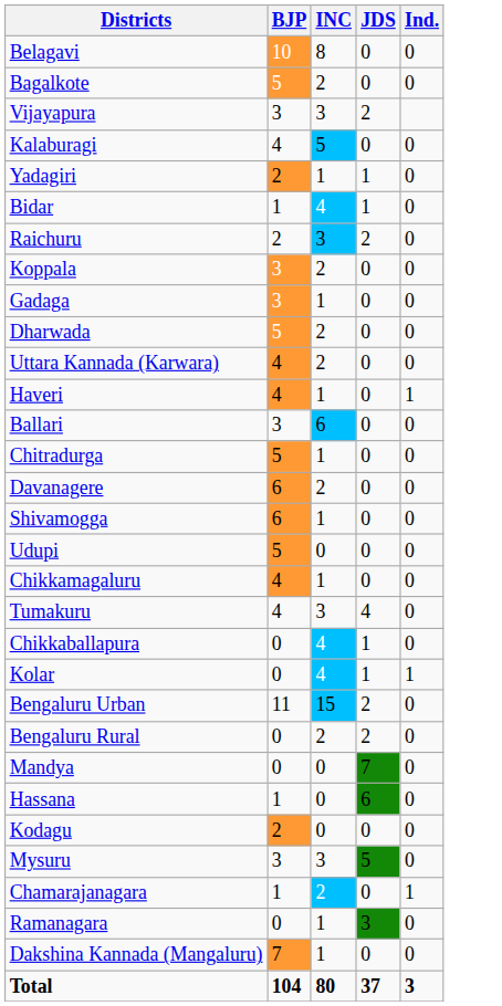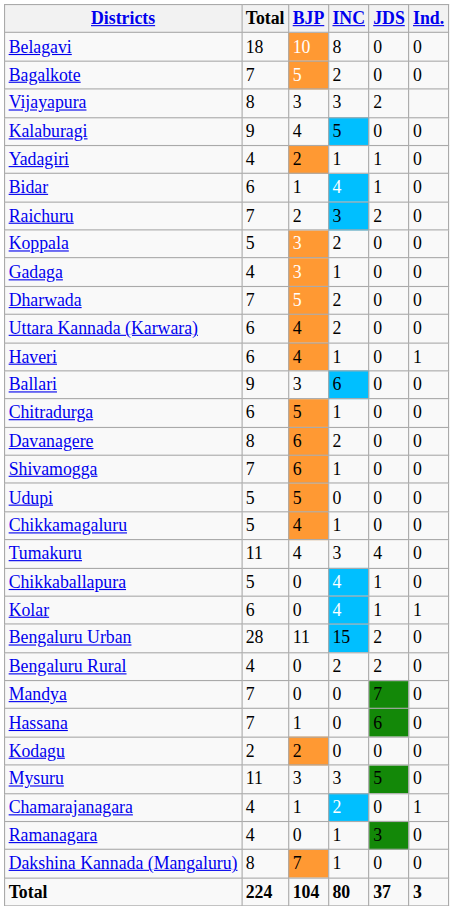 <table class="wikitable">
 <tr>
 <th><a href='#'>Districts</a></th>
+<th>Total</th>
 <th><a href='#'>BJP</a></th>
 <th><a href='#'>INC</a></th>
 <th><a href='#'>JDS</a></th>
 <th><a href='#'>Ind.</a></th>
 </tr>
 <tr>
 <td><a href='#'>Belagavi</a></td>
+<td>18</td>
 <td style="background:#FF9933; color:white">10</td>
 <td>8</td>
 <td>0</td>
 <td>0</td>
 </tr>
 <tr>
 <td><a href='#'>Bagalkote</a></td>
+<td>7</td>
 <td style="background:#FF9933; color:white">5</td>
 <td>2</td>
 <td>0</td>
 <td>0</td>
 </tr>
 <tr>
 <td><a href='#'>Vijayapura</a></td>
+<td>8</td>
 <td>3</td>
 <td>3</td>
 <td>2</td>
 <td></td>
 </tr>
 <tr>
 <td><a href='#'>Kalaburagi</a></td>
+<td>9</td>
 <td>4</td>
 <td style="background:#00BFFF; color:white”">5</td>
 <td>0</td>
 <td>0</td>
 </tr>
 <tr>
 <td><a href='#'>Yadagiri</a></td>
+<td>4</td>
 <td style="background:#FF9933; color:white”">2</td>
 <td>1</td>
 <td>1</td>
 <td>0</td>
 </tr>
 <tr>
 <td><a href='#'>Bidar</a></td>
+<td>6</td>
 <td>1</td>
 <td style="background:#00BFFF; color:white">4</td>
 <td>1</td>
 <td>0</td>
 </tr>
 <tr>
 <td><a href='#'>Raichuru</a></td>
+<td>7</td>
 <td>2</td>
 <td style="background:#00BFFF; color:white”">3</td>
 <td>2</td>
 <td>0</td>
 </tr>
 <tr>
 <td><a href='#'>Koppala</a></td>
+<td>5</td>
 <td style="background:#FF9933; color:white">3</td>
 <td>2</td>
 <td>0</td>
 <td>0</td>
 </tr>
 <tr>
 <td><a href='#'>Gadaga</a></td>
+<td>4</td>
 <td style="background:#FF9933; color:white">3</td>
 <td>1</td>
 <td>0</td>
 <td>0</td>
 </tr>
 <tr>
 <td><a href='#'>Dharwada</a></td>
+<td>7</td>
 <td style="background:#FF9933; color:white">5</td>
 <td>2</td>
 <td>0</td>
 <td>0</td>
 </tr>
 <tr>
 <td><a href='#'>Uttara Kannada (Karwara)</a></td>
+<td>6</td>
 <td style="background:#FF9933; color:white”">4</td>
 <td>2</td>
 <td>0</td>
 <td>0</td>
 </tr>
 <tr>
 <td><a href='#'>Haveri</a></td>
+<td>6</td>
 <td style="background:#FF9933; color:white”">4</td>
 <td>1</td>
 <td>0</td>
 <td>1</td>
 </tr>
 <tr>
 <td><a href='#'>Ballari</a></td>
+<td>9</td>
 <td>3</td>
 <td style="background:#00BFFF; color:white”">6</td>
 <td>0</td>
 <td>0</td>
 </tr>
 <tr>
 <td><a href='#'>Chitradurga</a></td>
+<td>6</td>
 <td style="background:#FF9933; color:white”">5</td>
 <td>1</td>
 <td>0</td>
 <td>0</td>
 </tr>
 <tr>
 <td><a href='#'>Davanagere</a></td>
+<td>8</td>
 <td style="background:#FF9933; color:white”">6</td>
 <td>2</td>
 <td>0</td>
 <td>0</td>
 </tr>
 <tr>
 <td><a href='#'>Shivamogga</a></td>
+<td>7</td>
 <td style="background:#FF9933; color:white”">6</td>
 <td>1</td>
 <td>0</td>
 <td>0</td>
 </tr>
 <tr>
 <td><a href='#'>Udupi</a></td>
+<td>5</td>
 <td style="background:#FF9933; color:white”">5</td>
 <td>0</td>
 <td>0</td>
 <td>0</td>
 </tr>
 <tr>
 <td><a href='#'>Chikkamagaluru</a></td>
+<td>5</td>
 <td style="background:#FF9933; color:white”">4</td>
 <td>1</td>
 <td>0</td>
 <td>0</td>
 </tr>
 <tr>
 <td><a href='#'>Tumakuru</a></td>
+<td>11</td>
 <td>4</td>
 <td>3</td>
 <td>4</td>
 <td>0</td>
 </tr>
 <tr>
 <td><a href='#'>Chikkaballapura</a></td>
+<td>5</td>
 <td>0</td>
 <td style="background:#00BFFF; color:white">4</td>
 <td>1</td>
 <td>0</td>
 </tr>
 <tr>
 <td><a href='#'>Kolar</a></td>
+<td>6</td>
 <td>0</td>
 <td style="background:#00BFFF; color:white">4</td>
 <td>1</td>
 <td>1</td>
 </tr>
 <tr>
 <td><a href='#'>Bengaluru Urban</a></td>
+<td>28</td>
 <td>11</td>
 <td style="background:#00BFFF; color:white”">15</td>
 <td>2</td>
 <td>0</td>
 </tr>
 <tr>
 <td><a href='#'>Bengaluru Rural</a></td>
+<td>4</td>
 <td>0</td>
 <td>2</td>
 <td>2</td>
 <td>0</td>
 </tr>
 <tr>
 <td><a href='#'>Mandya</a></td>
+<td>7</td>
 <td>0</td>
 <td>0</td>
 <td style="background:#138808; color:white”">7</td>
 <td>0</td>
 </tr>
 <tr>
 <td><a href='#'>Hassana</a></td>
+<td>7</td>
 <td>1</td>
 <td>0</td>
 <td style="background:#138808; color:white”">6</td>
 <td>0</td>
 </tr>
 <tr>
 <td><a href='#'>Kodagu</a></td>
+<td>2</td>
 <td style="background:#FF9933; color:white”">2</td>
 <td>0</td>
 <td>0</td>
 <td>0</td>
 </tr>
 <tr>
 <td><a href='#'>Mysuru</a></td>
+<td>11</td>
 <td>3</td>
 <td>3</td>
 <td style="background:#138808; color:white”">5</td>
 <td>0</td>
 </tr>
 <tr>
 <td><a href='#'>Chamarajanagara</a></td>
+<td>4</td>
 <td>1</td>
 <td style="background:#00BFFF; color:white">2</td>
 <td>0</td>
 <td>1</td>
 </tr>
 <tr>
 <td><a href='#'>Ramanagara</a></td>
+<td>4</td>
 <td>0</td>
 <td>1</td>
 <td style="background:#138808; color:white”">3</td>
 <td>0</td>
 </tr>
 <tr>
 <td><a href='#'>Dakshina Kannada (Mangaluru)</a></td>
+<td>8</td>
 <td style="background:#FF9933; color:white”">7</td>
 <td>1</td>
 <td>0</td>
 <td>0</td>
 </tr>
 <tr>
 <td><strong>Total</strong></td>
+<td><strong>224</strong></td>
 <td><strong>104</strong></td>
 <td><strong>80</strong></td>
 <td><strong>37</strong></td>
 <td><strong>3</strong></td>
 </tr>
 </table>
